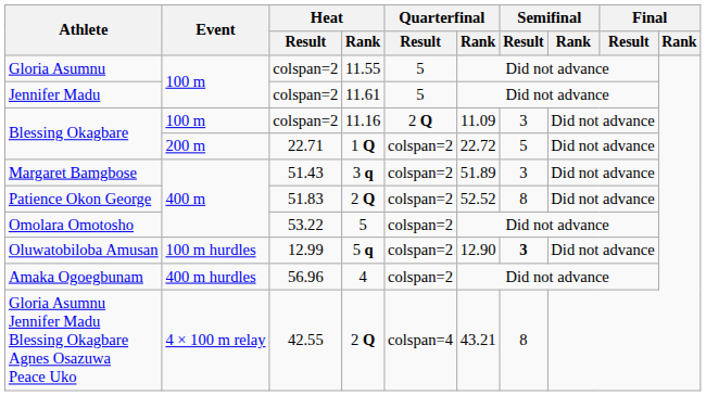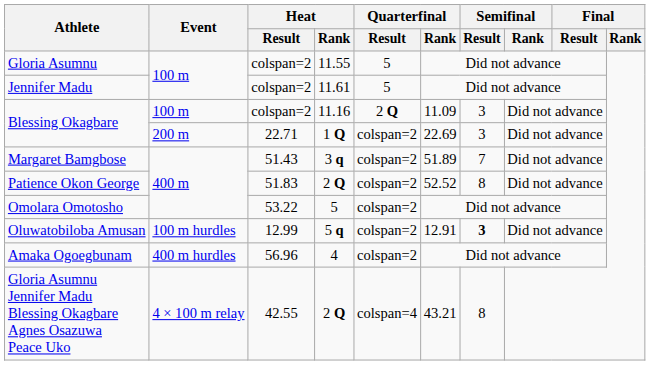 <table class="wikitable" style="font-size:90%">
 <tr>
 <th rowspan="2">Athlete</th>
 <th rowspan="2">Event</th>
 <th colspan="2">Heat</th>
 <th colspan="2">Quarterfinal</th>
 <th colspan="2">Semifinal</th>
 <th colspan="2">Final</th>
 </tr>
 <tr style="font-size:95%">
 <th>Result</th>
 <th>Rank</th>
 <th>Result</th>
 <th>Rank</th>
 <th>Result</th>
 <th>Rank</th>
 <th>Result</th>
 <th>Rank</th>
 </tr>
 <tr align=center>
 <td align=left><a href='#'>Gloria Asumnu</a></td>
 <td align=left rowspan=2><a href='#'>100 m</a></td>
 <td>colspan=2 </td>
 <td>11.55</td>
 <td>5</td>
 <td colspan=4>Did not advance</td>
 </tr>
 <tr align=center>
 <td align=left><a href='#'>Jennifer Madu</a></td>
 <td>colspan=2 </td>
 <td>11.61</td>
 <td>5</td>
 <td colspan=4>Did not advance</td>
 </tr>
 <tr align=center>
 <td align=left rowspan=2><a href='#'>Blessing Okagbare</a></td>
 <td align=left><a href='#'>100 m</a></td>
 <td>colspan=2 </td>
 <td>11.16</td>
 <td>2 <strong>Q</strong></td>
 <td>11.09</td>
 <td>3</td>
 <td colspan=2>Did not advance</td>
 </tr>
 <tr align=center>
 <td align=left><a href='#'>200 m</a></td>
 <td>22.71</td>
 <td>1 <strong>Q</strong></td>
 <td>colspan=2 </td>
-<td>22.72</td>
-<td>5</td>
+<td>22.69</td>
+<td>3</td>
 <td colspan=2>Did not advance</td>
 </tr>
 <tr align=center>
 <td align=left><a href='#'>Margaret Bamgbose</a></td>
 <td align=left rowspan=3><a href='#'>400 m</a></td>
 <td>51.43</td>
 <td>3 <strong>q</strong></td>
 <td>colspan=2 </td>
 <td>51.89</td>
-<td>3</td>
+<td>7</td>
 <td colspan=2>Did not advance</td>
 </tr>
 <tr align=center>
 <td align=left><a href='#'>Patience Okon George</a></td>
 <td>51.83</td>
 <td>2 <strong>Q</strong></td>
 <td>colspan=2 </td>
 <td>52.52</td>
 <td>8</td>
 <td colspan=2>Did not advance</td>
 </tr>
 <tr align=center>
 <td align=left><a href='#'>Omolara Omotosho</a></td>
 <td>53.22</td>
 <td>5</td>
 <td>colspan=2 </td>
 <td colspan=4>Did not advance</td>
 </tr>
 <tr align=center>
 <td align=left><a href='#'>Oluwatobiloba Amusan</a></td>
 <td align=left><a href='#'>100 m hurdles</a></td>
 <td>12.99</td>
 <td>5 <strong>q</strong></td>
 <td>colspan=2 </td>
-<td>12.90</td>
+<td>12.91</td>
 <td><strong>3</strong></td>
 <td colspan=2>Did not advance</td>
 </tr>
 <tr align=center>
 <td align=left><a href='#'>Amaka Ogoegbunam</a></td>
 <td align=left><a href='#'>400 m hurdles</a></td>
 <td>56.96</td>
 <td>4</td>
 <td>colspan=2 </td>
 <td colspan=4>Did not advance</td>
 </tr>
 <tr align=center>
 <td align=left><a href='#'>Gloria Asumnu</a><br><a href='#'>Jennifer Madu</a><br><a href='#'>Blessing Okagbare</a><br><a href='#'>Agnes Osazuwa</a><br><a href='#'>Peace Uko</a></td>
 <td align=left><a href='#'>4 × 100 m relay</a></td>
 <td>42.55</td>
 <td>2 <strong>Q</strong></td>
 <td>colspan=4 </td>
 <td>43.21</td>
 <td>8</td>
 </tr>
 </table>
